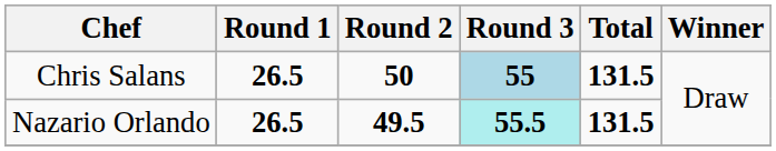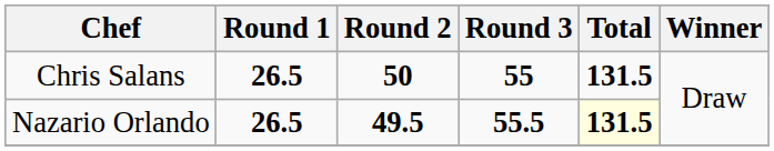 <table class="wikitable"  style="float:left; margin:auto; text-align:center;">
 <tr>
 <th>Chef</th>
 <th>Round 1</th>
 <th>Round 2</th>
 <th>Round 3</th>
 <th>Total</th>
 <th>Winner</th>
 </tr>
 <tr>
 <td>Chris Salans</td>
 <td><strong>26.5</strong></td>
 <td><strong>50</strong></td>
-<td style="background: lightblue;"><strong>55</strong></td>
+<td><strong>55</strong></td>
 <td><strong>131.5</strong></td>
 <td rowspan=2>Draw</td>
 </tr>
 <tr>
 <td>Nazario Orlando</td>
 <td><strong>26.5</strong></td>
 <td><strong>49.5</strong></td>
-<td style="background: paleturquoise;"><strong>55.5</strong></td>
-<td><strong>131.5</strong></td>
+<td><strong>55.5</strong></td>
+<td style="background: lightyellow;"><strong>131.5</strong></td>
 </tr>
 <tr>
 </tr>
 </table>
